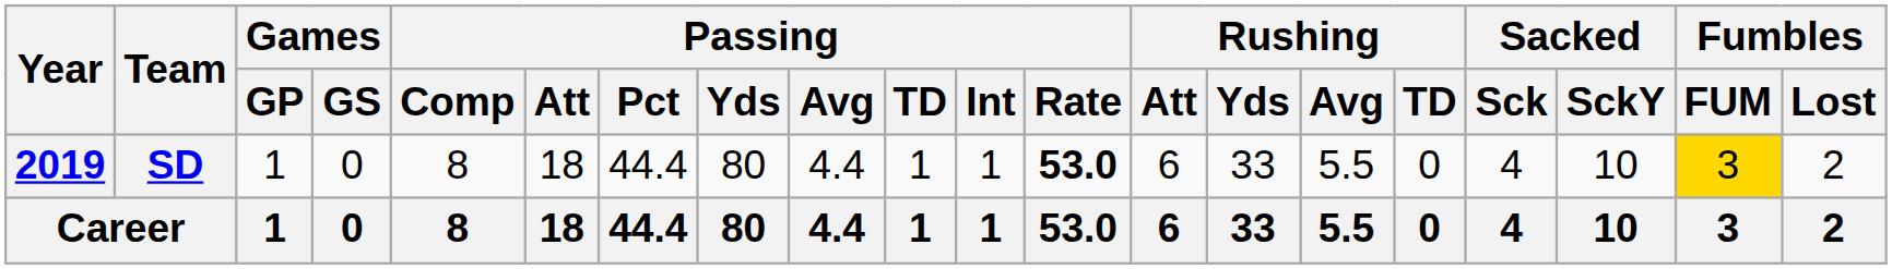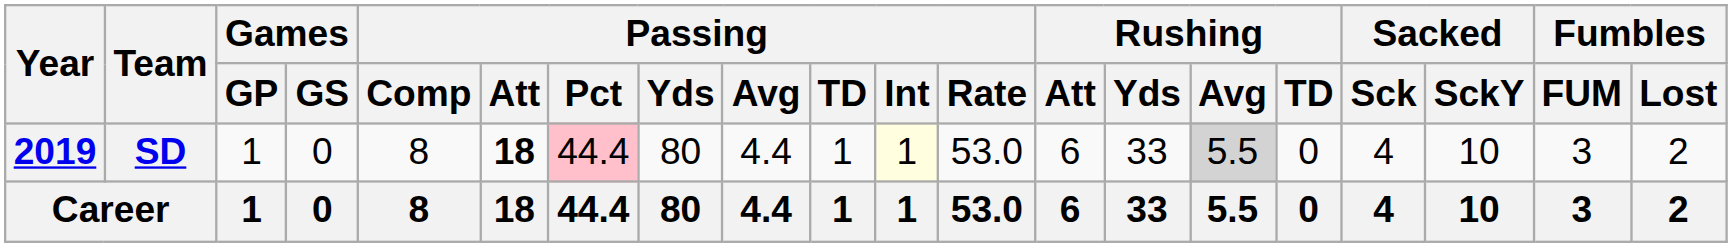 <table class="wikitable sortable" style="text-align:center">
 <tr>
 <th rowspan="2">Year</th>
 <th rowspan="2">Team</th>
 <th colspan="2">Games</th>
 <th colspan="8">Passing</th>
 <th colspan="4">Rushing</th>
 <th colspan="2">Sacked</th>
 <th colspan="2">Fumbles</th>
 </tr>
 <tr style="text-align:center;">
 <th>GP</th>
 <th>GS</th>
 <th>Comp</th>
 <th>Att</th>
 <th>Pct</th>
 <th>Yds</th>
 <th>Avg</th>
 <th>TD</th>
 <th>Int</th>
 <th>Rate</th>
 <th>Att</th>
 <th>Yds</th>
 <th>Avg</th>
 <th>TD</th>
 <th>Sck</th>
 <th>SckY</th>
 <th>FUM</th>
 <th>Lost</th>
 </tr>
 <tr>
 <th><a href='#'>2019</a></th>
 <th><a href='#'>SD</a></th>
 <td>1</td>
 <td>0</td>
 <td>8</td>
-<td>18</td>
-<td>44.4</td>
+<td><strong>18</strong></td>
+<td style="background: pink;">44.4</td>
 <td>80</td>
 <td>4.4</td>
 <td>1</td>
-<td>1</td>
-<td><strong>53.0</strong></td>
+<td style="background: lightyellow;">1</td>
+<td>53.0</td>
 <td>6</td>
 <td>33</td>
-<td>5.5</td>
+<td style="background: lightgrey;">5.5</td>
 <td>0</td>
 <td>4</td>
 <td>10</td>
-<td style="background: gold;">3</td>
+<td>3</td>
 <td>2</td>
 </tr>
 <tr>
 <th colspan="2">Career</th>
 <th>1</th>
 <th>0</th>
 <th>8</th>
 <th>18</th>
 <th>44.4</th>
 <th>80</th>
 <th>4.4</th>
 <th>1</th>
 <th>1</th>
 <th>53.0</th>
 <th>6</th>
 <th>33</th>
 <th>5.5</th>
 <th>0</th>
 <th>4</th>
 <th>10</th>
 <th>3</th>
 <th>2</th>
 </tr>
 </table>
